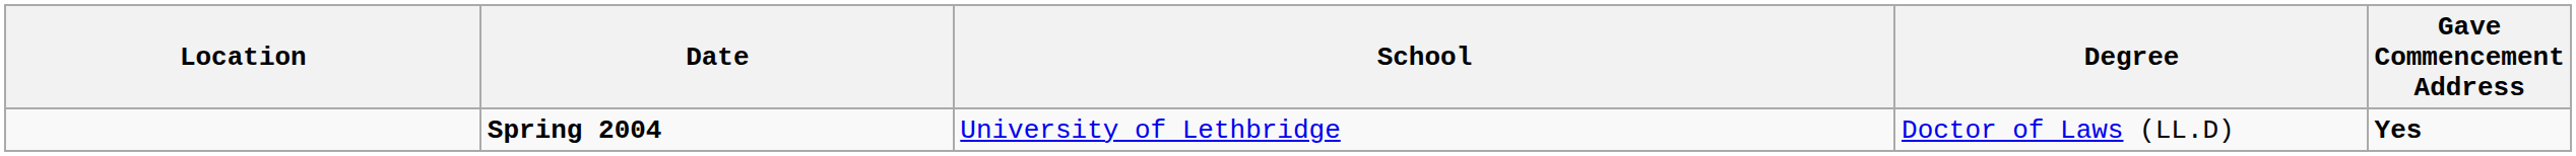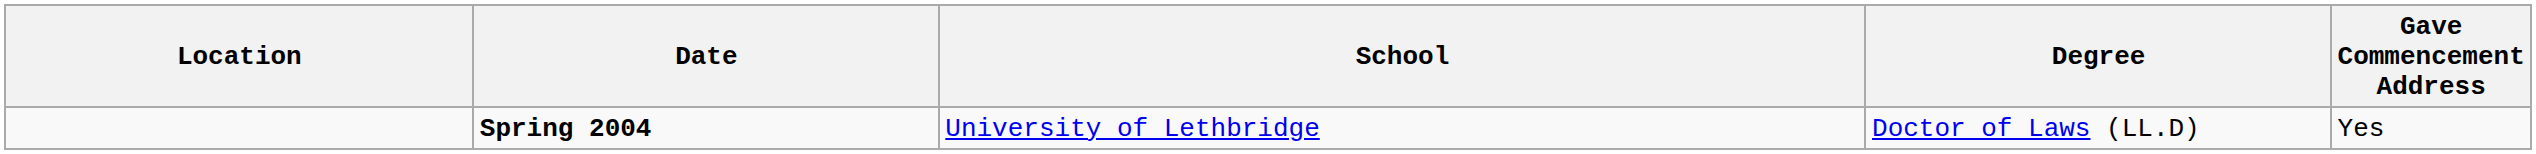 <table class="wikitable" style="width:100%;">
 <tr>
 <th style="width:20%;">Location</th>
 <th style="width:20%;">Date</th>
 <th style="width:40%;">School</th>
 <th style="width:20%;">Degree</th>
 <th style="width:20%;">Gave Commencement Address</th>
 </tr>
 <tr>
 <td></td>
 <td><strong>Spring 2004</strong></td>
 <td><a href='#'>University of Lethbridge</a></td>
 <td><a href='#'>Doctor of Laws</a> (LL.D)</td>
-<td><strong>Yes</strong></td>
+<td>Yes</td>
 </tr>
 <tr>
 </tr>
 </table>
